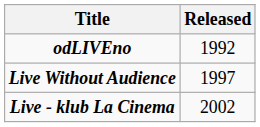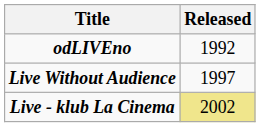 <table class="wikitable" style="text-align: center; font-size:95%">
 <tr>
 <th>Title</th>
 <th>Released</th>
 </tr>
 <tr>
 <td><strong><em>odLIVEno</em></strong></td>
 <td>1992</td>
 </tr>
 <tr>
 <td><strong><em>Live Without Audience</em></strong></td>
 <td>1997</td>
 </tr>
 <tr>
 <td><strong><em>Live - klub La Cinema</em></strong></td>
-<td>2002</td>
+<td style="background: khaki;">2002</td>
 </tr>
 </table>
